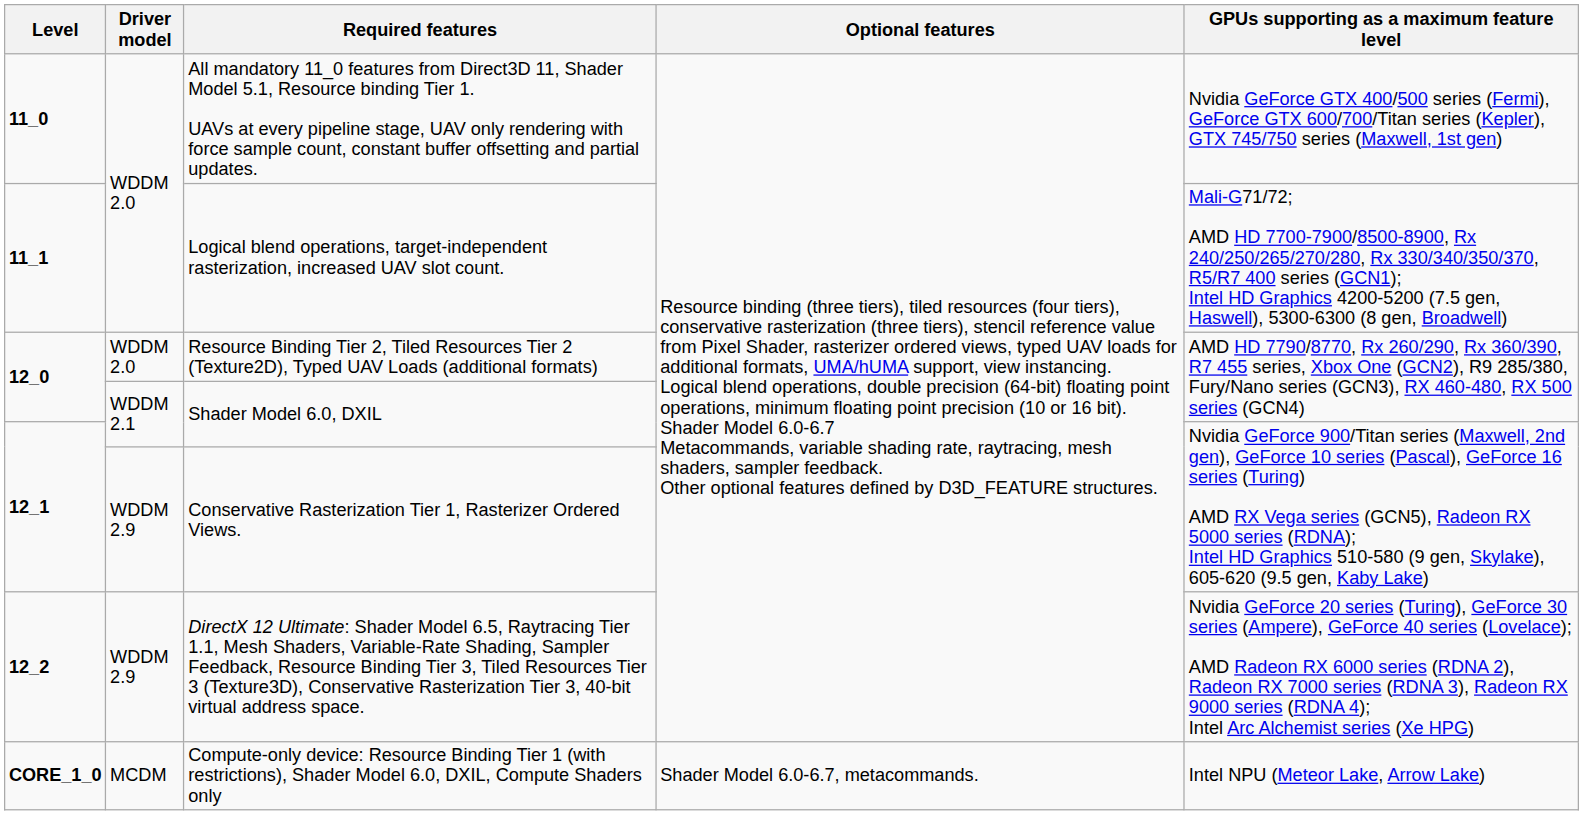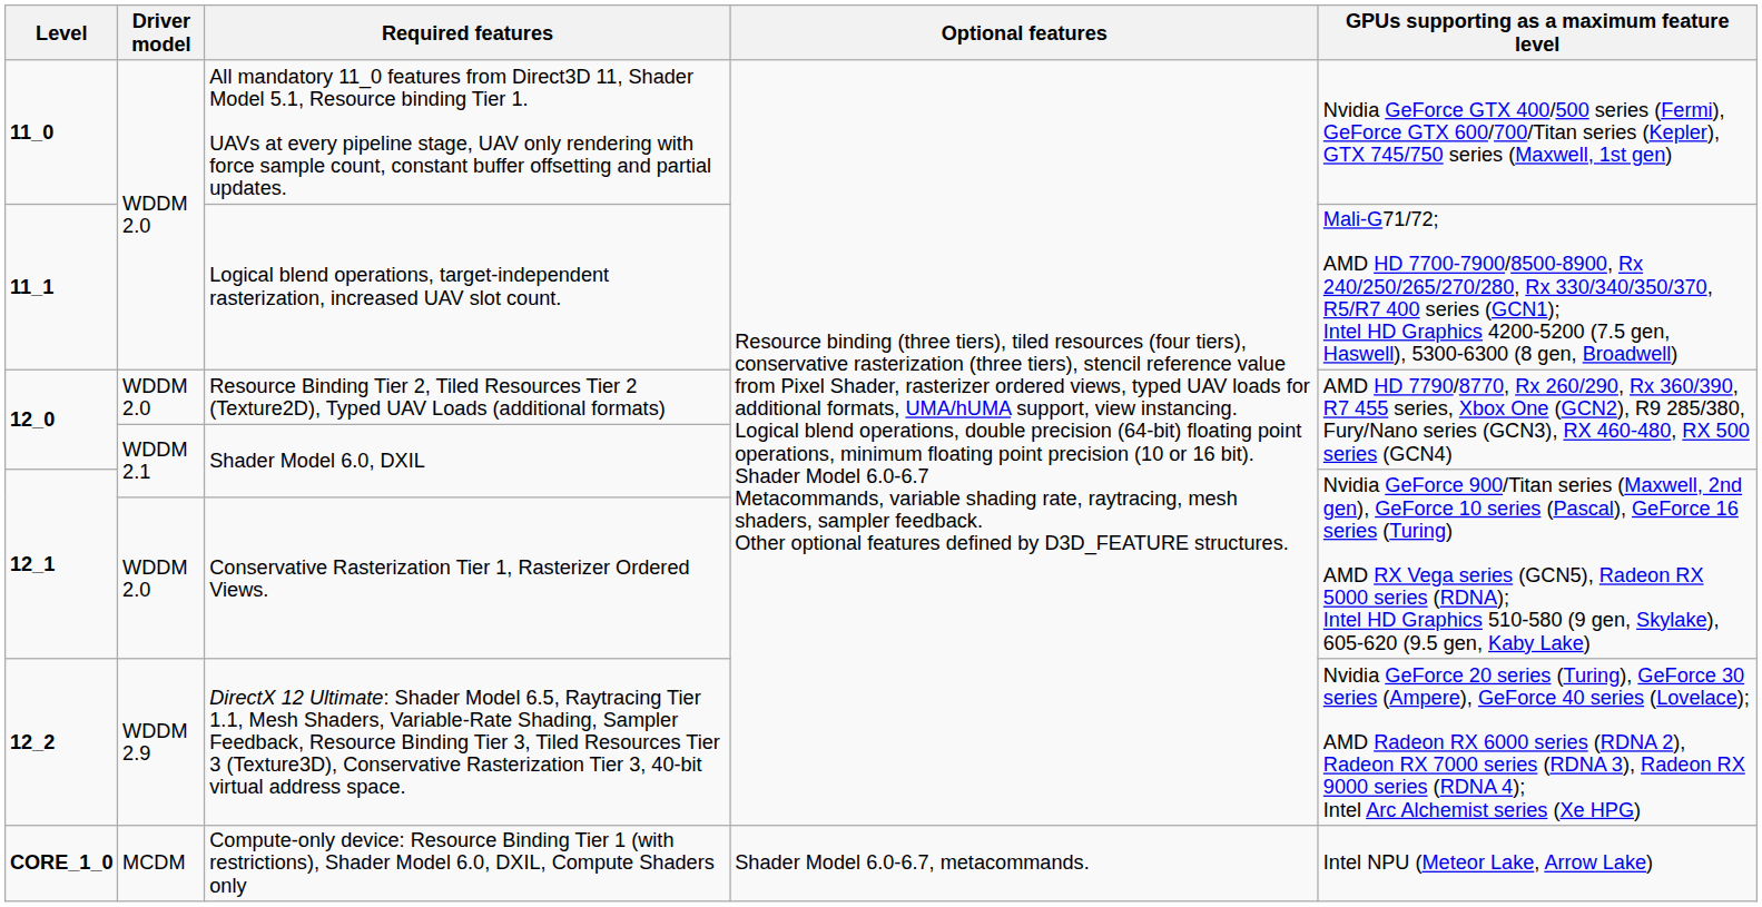 <table class="wikitable"  style="font-size: 90%">
 <tr>
 <th>Level</th>
 <th>Driver model</th>
 <th style="width:30%;">Required features</th>
 <th>Optional features</th>
 <th style="width:25%;">GPUs supporting as a maximum feature level</th>
 </tr>
 <tr>
 <td><strong>11_0</strong></td>
 <td rowspan="2">WDDM 2.0</td>
 <td>All mandatory 11_0 features from Direct3D 11, Shader Model 5.1, Resource binding Tier 1. <br><br>UAVs at every pipeline stage, UAV only rendering with force sample count, constant buffer offsetting and partial updates.</td>
 <td rowspan="7">Resource binding (three tiers), tiled resources (four tiers), conservative rasterization (three tiers), stencil reference value from Pixel Shader, rasterizer ordered views, typed UAV loads for additional formats, <a href='#'>UMA/hUMA</a> support, view instancing.<br>Logical blend operations, double precision (64-bit) floating point operations, minimum floating point precision (10 or 16 bit).<br>Shader Model 6.0-6.7<br>Metacommands, variable shading rate, raytracing, mesh shaders, sampler feedback.<br>Other optional features defined by D3D_FEATURE structures.</td>
 <td>Nvidia <a href='#'>GeForce GTX 400</a>/<a href='#'>500</a> series (<a href='#'>Fermi</a>), <a href='#'>GeForce GTX 600</a>/<a href='#'>700</a>/Titan series (<a href='#'>Kepler</a>), <a href='#'>GTX 745/750</a> series (<a href='#'>Maxwell, 1st gen</a>)</td>
 </tr>
 <tr>
 <td><strong>11_1</strong></td>
 <td>Logical blend operations, target-independent rasterization, increased UAV slot count.</td>
 <td><a href='#'>Mali-G</a>71/72;<br><br>AMD <a href='#'>HD 7700-7900</a>/<a href='#'>8500-8900</a>, <a href='#'>Rx 240/250/265/270/280</a>, <a href='#'>Rx 330/340/350/370</a>, <a href='#'>R5/R7 400</a> series (<a href='#'>GCN1</a>); <br> <a href='#'>Intel HD Graphics</a> 4200-5200 (7.5 gen, <a href='#'>Haswell</a>),  5300-6300 (8 gen, <a href='#'>Broadwell</a>)</td>
 </tr>
 <tr>
 <td rowspan="2"><strong>12_0</strong></td>
 <td>WDDM 2.0</td>
 <td>Resource Binding Tier 2, Tiled Resources Tier 2 (Texture2D), Typed UAV Loads (additional formats)</td>
 <td rowspan="2">AMD <a href='#'>HD 7790</a>/<a href='#'>8770</a>, <a href='#'>Rx 260/290</a>, <a href='#'>Rx 360/390</a>, <a href='#'>R7 455</a> series, <a href='#'>Xbox One</a> (<a href='#'>GCN2</a>), R9 285/380, Fury/Nano series (GCN3), <a href='#'>RX 460-480</a>, <a href='#'>RX 500 series</a> (GCN4)</td>
 </tr>
 <tr>
 <td rowspan="2">WDDM 2.1</td>
 <td rowspan="2">Shader Model 6.0, DXIL</td>
 </tr>
 <tr>
 <td rowspan="2"><strong>12_1</strong></td>
 <td rowspan="2">Nvidia <a href='#'>GeForce 900</a>/Titan series (<a href='#'>Maxwell, 2nd gen</a>), <a href='#'>GeForce 10 series</a> (<a href='#'>Pascal</a>), <a href='#'>GeForce 16 series</a> (<a href='#'>Turing</a>)<br><br>AMD <a href='#'>RX Vega series</a> (GCN5), <a href='#'>Radeon RX 5000 series</a> (<a href='#'>RDNA</a>);<br> <a href='#'>Intel HD Graphics</a> 510-580 (9 gen, <a href='#'>Skylake</a>), 605-620 (9.5 gen, <a href='#'>Kaby Lake</a>)</td>
 </tr>
 <tr>
-<td>WDDM 2.9</td>
+<td>WDDM 2.0</td>
 <td>Conservative Rasterization Tier 1, Rasterizer Ordered Views.</td>
 </tr>
 <tr>
 <td><strong>12_2</strong></td>
 <td>WDDM 2.9</td>
 <td><em>DirectX 12 Ultimate</em>: Shader Model 6.5, Raytracing Tier 1.1, Mesh Shaders, Variable-Rate Shading, Sampler Feedback, Resource Binding Tier 3, Tiled Resources Tier 3 (Texture3D), Conservative Rasterization Tier 3, 40-bit virtual address space.</td>
 <td>Nvidia <a href='#'>GeForce 20 series</a> (<a href='#'>Turing</a>), <a href='#'>GeForce 30 series</a> (<a href='#'>Ampere</a>), <a href='#'>GeForce 40 series</a> (<a href='#'>Lovelace</a>);<br><br>AMD <a href='#'>Radeon RX 6000 series</a> (<a href='#'>RDNA 2</a>), <a href='#'>Radeon RX 7000 series</a> (<a href='#'>RDNA 3</a>), <a href='#'>Radeon RX 9000 series</a> (<a href='#'>RDNA 4</a>);<br> Intel <a href='#'>Arc Alchemist series</a> (<a href='#'>Xe HPG</a>)</td>
 </tr>
 <tr>
 <td><strong>CORE_1_0</strong></td>
 <td>MCDM</td>
 <td>Compute-only device: Resource Binding Tier 1 (with restrictions), Shader Model 6.0, DXIL, Compute Shaders only</td>
 <td>Shader Model 6.0-6.7, metacommands.</td>
 <td>Intel NPU (<a href='#'>Meteor Lake</a>, <a href='#'>Arrow Lake</a>)</td>
 </tr>
 </table>
